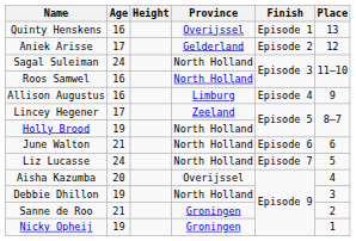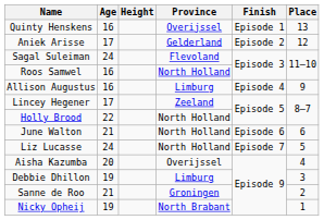 <table class="wikitable sortable" style="text-align:center;">
 <tr>
 <th>Name</th>
 <th>Age</th>
 <th>Height</th>
 <th>Province</th>
 <th>Finish</th>
 <th>Place</th>
 </tr>
 <tr>
 <td>Quinty Henskens</td>
 <td>16</td>
 <td></td>
 <td><a href='#'>Overijssel</a></td>
 <td>Episode 1</td>
 <td>13</td>
 </tr>
 <tr>
 <td>Aniek Arisse</td>
 <td>17</td>
 <td></td>
 <td><a href='#'>Gelderland</a></td>
 <td>Episode 2</td>
 <td>12</td>
 </tr>
 <tr>
 <td>Sagal Suleiman</td>
 <td>24</td>
 <td></td>
-<td>North Holland</td>
+<td><a href='#'>Flevoland</a></td>
 <td rowspan="2">Episode 3</td>
 <td rowspan="2">11–10</td>
 </tr>
 <tr>
 <td>Roos Samwel</td>
 <td>16</td>
 <td></td>
 <td><a href='#'>North Holland</a></td>
 </tr>
 <tr>
 <td>Allison Augustus</td>
 <td>16</td>
 <td></td>
 <td><a href='#'>Limburg</a></td>
 <td>Episode 4</td>
 <td>9</td>
 </tr>
 <tr>
 <td>Lincey Hegener</td>
 <td>17</td>
 <td></td>
 <td><a href='#'>Zeeland</a></td>
 <td rowspan="2">Episode 5</td>
 <td rowspan="2">8–7</td>
 </tr>
 <tr>
 <td><a href='#'>Holly Brood</a></td>
-<td>19</td>
+<td>22</td>
 <td></td>
 <td>North Holland</td>
 </tr>
 <tr>
 <td>June Walton</td>
 <td>21</td>
 <td></td>
 <td>North Holland</td>
 <td>Episode 6</td>
 <td>6</td>
 </tr>
 <tr>
 <td>Liz Lucasse</td>
 <td>24</td>
 <td></td>
 <td>North Holland</td>
 <td>Episode 7</td>
 <td>5</td>
 </tr>
 <tr>
 <td>Aisha Kazumba</td>
 <td>20</td>
 <td></td>
 <td>Overijssel</td>
 <td rowspan="4">Episode 9</td>
 <td>4</td>
 </tr>
 <tr>
 <td>Debbie Dhillon</td>
 <td>19</td>
 <td></td>
-<td>North Holland</td>
+<td><a href='#'>Limburg</a></td>
 <td>3</td>
 </tr>
 <tr>
 <td>Sanne de Roo</td>
 <td>21</td>
 <td></td>
 <td><a href='#'>Groningen</a></td>
 <td>2</td>
 </tr>
 <tr>
 <td><a href='#'>Nicky Opheij</a></td>
 <td>19</td>
 <td></td>
-<td><a href='#'>Groningen</a></td>
+<td><a href='#'>North Brabant</a></td>
 <td>1</td>
 </tr>
 </table>
